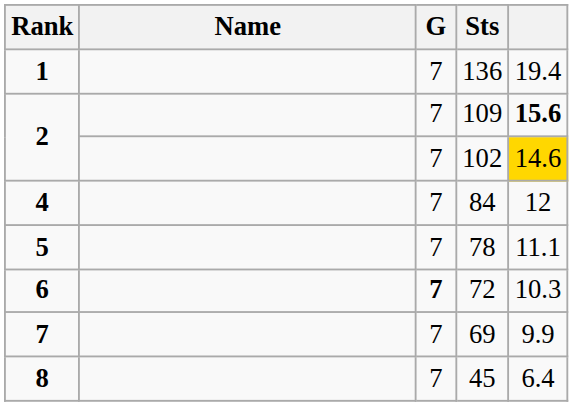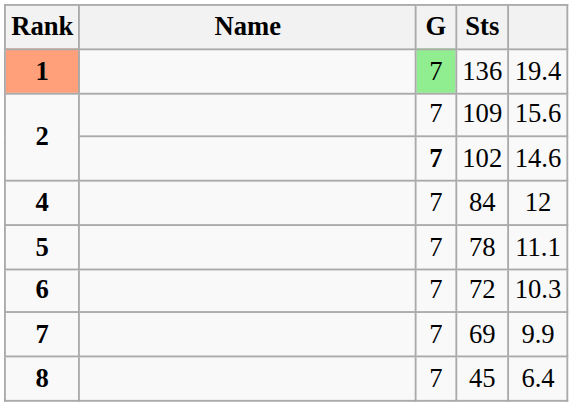 <table class="wikitable" style="text-align:center; font-size:90%;">
 <tr>
 <th width=10px>Rank</th>
 <th width=175px>Name</th>
 <th width=15px>G</th>
 <th width=10px>Sts</th>
 <th width=10px></th>
 </tr>
 <tr>
-<td><strong>1</strong></td>
+<td style="background: lightsalmon;"><strong>1</strong></td>
 <td align=left><strong></strong></td>
-<td>7</td>
+<td style="background: lightgreen;">7</td>
 <td>136</td>
 <td>19.4</td>
 </tr>
 <tr>
 <td rowspan=2><strong>2</strong></td>
 <td align=left></td>
 <td>7</td>
 <td>109</td>
-<td><strong>15.6</strong></td>
+<td>15.6</td>
 </tr>
 <tr>
 <td align=left></td>
-<td>7</td>
+<td><strong>7</strong></td>
 <td>102</td>
-<td style="background: gold;">14.6</td>
+<td>14.6</td>
 </tr>
 <tr>
 <td><strong>4</strong></td>
 <td align=left></td>
 <td>7</td>
 <td>84</td>
 <td>12</td>
 </tr>
 <tr>
 <td><strong>5</strong></td>
 <td align=left></td>
 <td>7</td>
 <td>78</td>
 <td>11.1</td>
 </tr>
 <tr>
 <td><strong>6</strong></td>
 <td align=left></td>
-<td><strong>7</strong></td>
+<td>7</td>
 <td>72</td>
 <td>10.3</td>
 </tr>
 <tr>
 <td><strong>7</strong></td>
 <td align=left></td>
 <td>7</td>
 <td>69</td>
 <td>9.9</td>
 </tr>
 <tr>
 <td><strong>8</strong></td>
 <td align=left></td>
 <td>7</td>
 <td>45</td>
 <td>6.4</td>
 </tr>
 </table>
